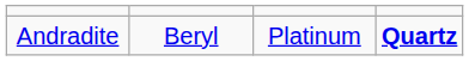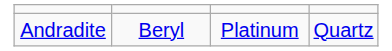 <table class="wikitable" style="text-align:center;margin:1em auto;">
 <tr>
 <td width="27%"></td>
 <td width="27%"></td>
 <td width="27%"></td>
 <td width="19%"></td>
 </tr>
 <tr>
 <td><a href='#'>Andradite</a></td>
 <td><a href='#'>Beryl</a></td>
 <td><a href='#'>Platinum</a></td>
-<td><strong><a href='#'>Quartz</a></strong></td>
+<td><a href='#'>Quartz</a></td>
 </tr>
 </table>
